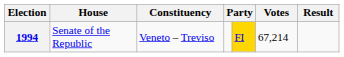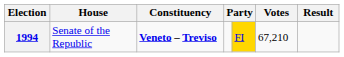 <table class=wikitable style="width:55%; border:1px #AAAAFF solid">
 <tr>
 <th width=12%>Election</th>
 <th width=25%>House</th>
 <th width=25%>Constituency</th>
 <th width=1% colspan="2">Party</th>
 <th width=12%>Votes</th>
 <th width=12%>Result</th>
 </tr>
 <tr>
 <th><a href='#'>1994</a></th>
 <td><a href='#'>Senate of the Republic</a></td>
-<td><a href='#'>Veneto</a> – <a href='#'>Treviso</a></td>
+<td><strong><a href='#'>Veneto</a> – <a href='#'>Treviso</a></strong></td>
 <td></td>
 <td style="background: gold;"><a href='#'>FI</a></td>
-<td>67,214</td>
+<td>67,210</td>
 <td></td>
 </tr>
 </table>
